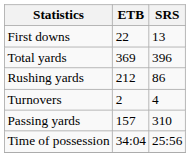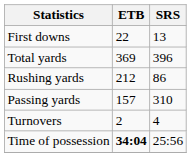 <table class="wikitable" style="float: left;">
 <tr>
 <th>Statistics</th>
 <th>ETB</th>
 <th>SRS</th>
 </tr>
 <tr>
 <td>First downs</td>
 <td>22</td>
 <td>13</td>
 </tr>
 <tr>
 <td>Total yards</td>
 <td>369</td>
 <td>396</td>
 </tr>
 <tr>
 <td>Rushing yards</td>
 <td>212</td>
 <td>86</td>
 </tr>
 <tr>
+<td>Passing yards</td>
+<td>157</td>
+<td>310</td>
+</tr>
+<tr>
 <td>Turnovers</td>
 <td>2</td>
 <td>4</td>
 </tr>
 <tr>
-<td>Passing yards</td>
-<td>157</td>
-<td>310</td>
-</tr>
-<tr>
 <td>Time of possession</td>
-<td>34:04</td>
+<td><strong>34:04</strong></td>
 <td>25:56</td>
 </tr>
 <tr>
 </tr>
 </table>
